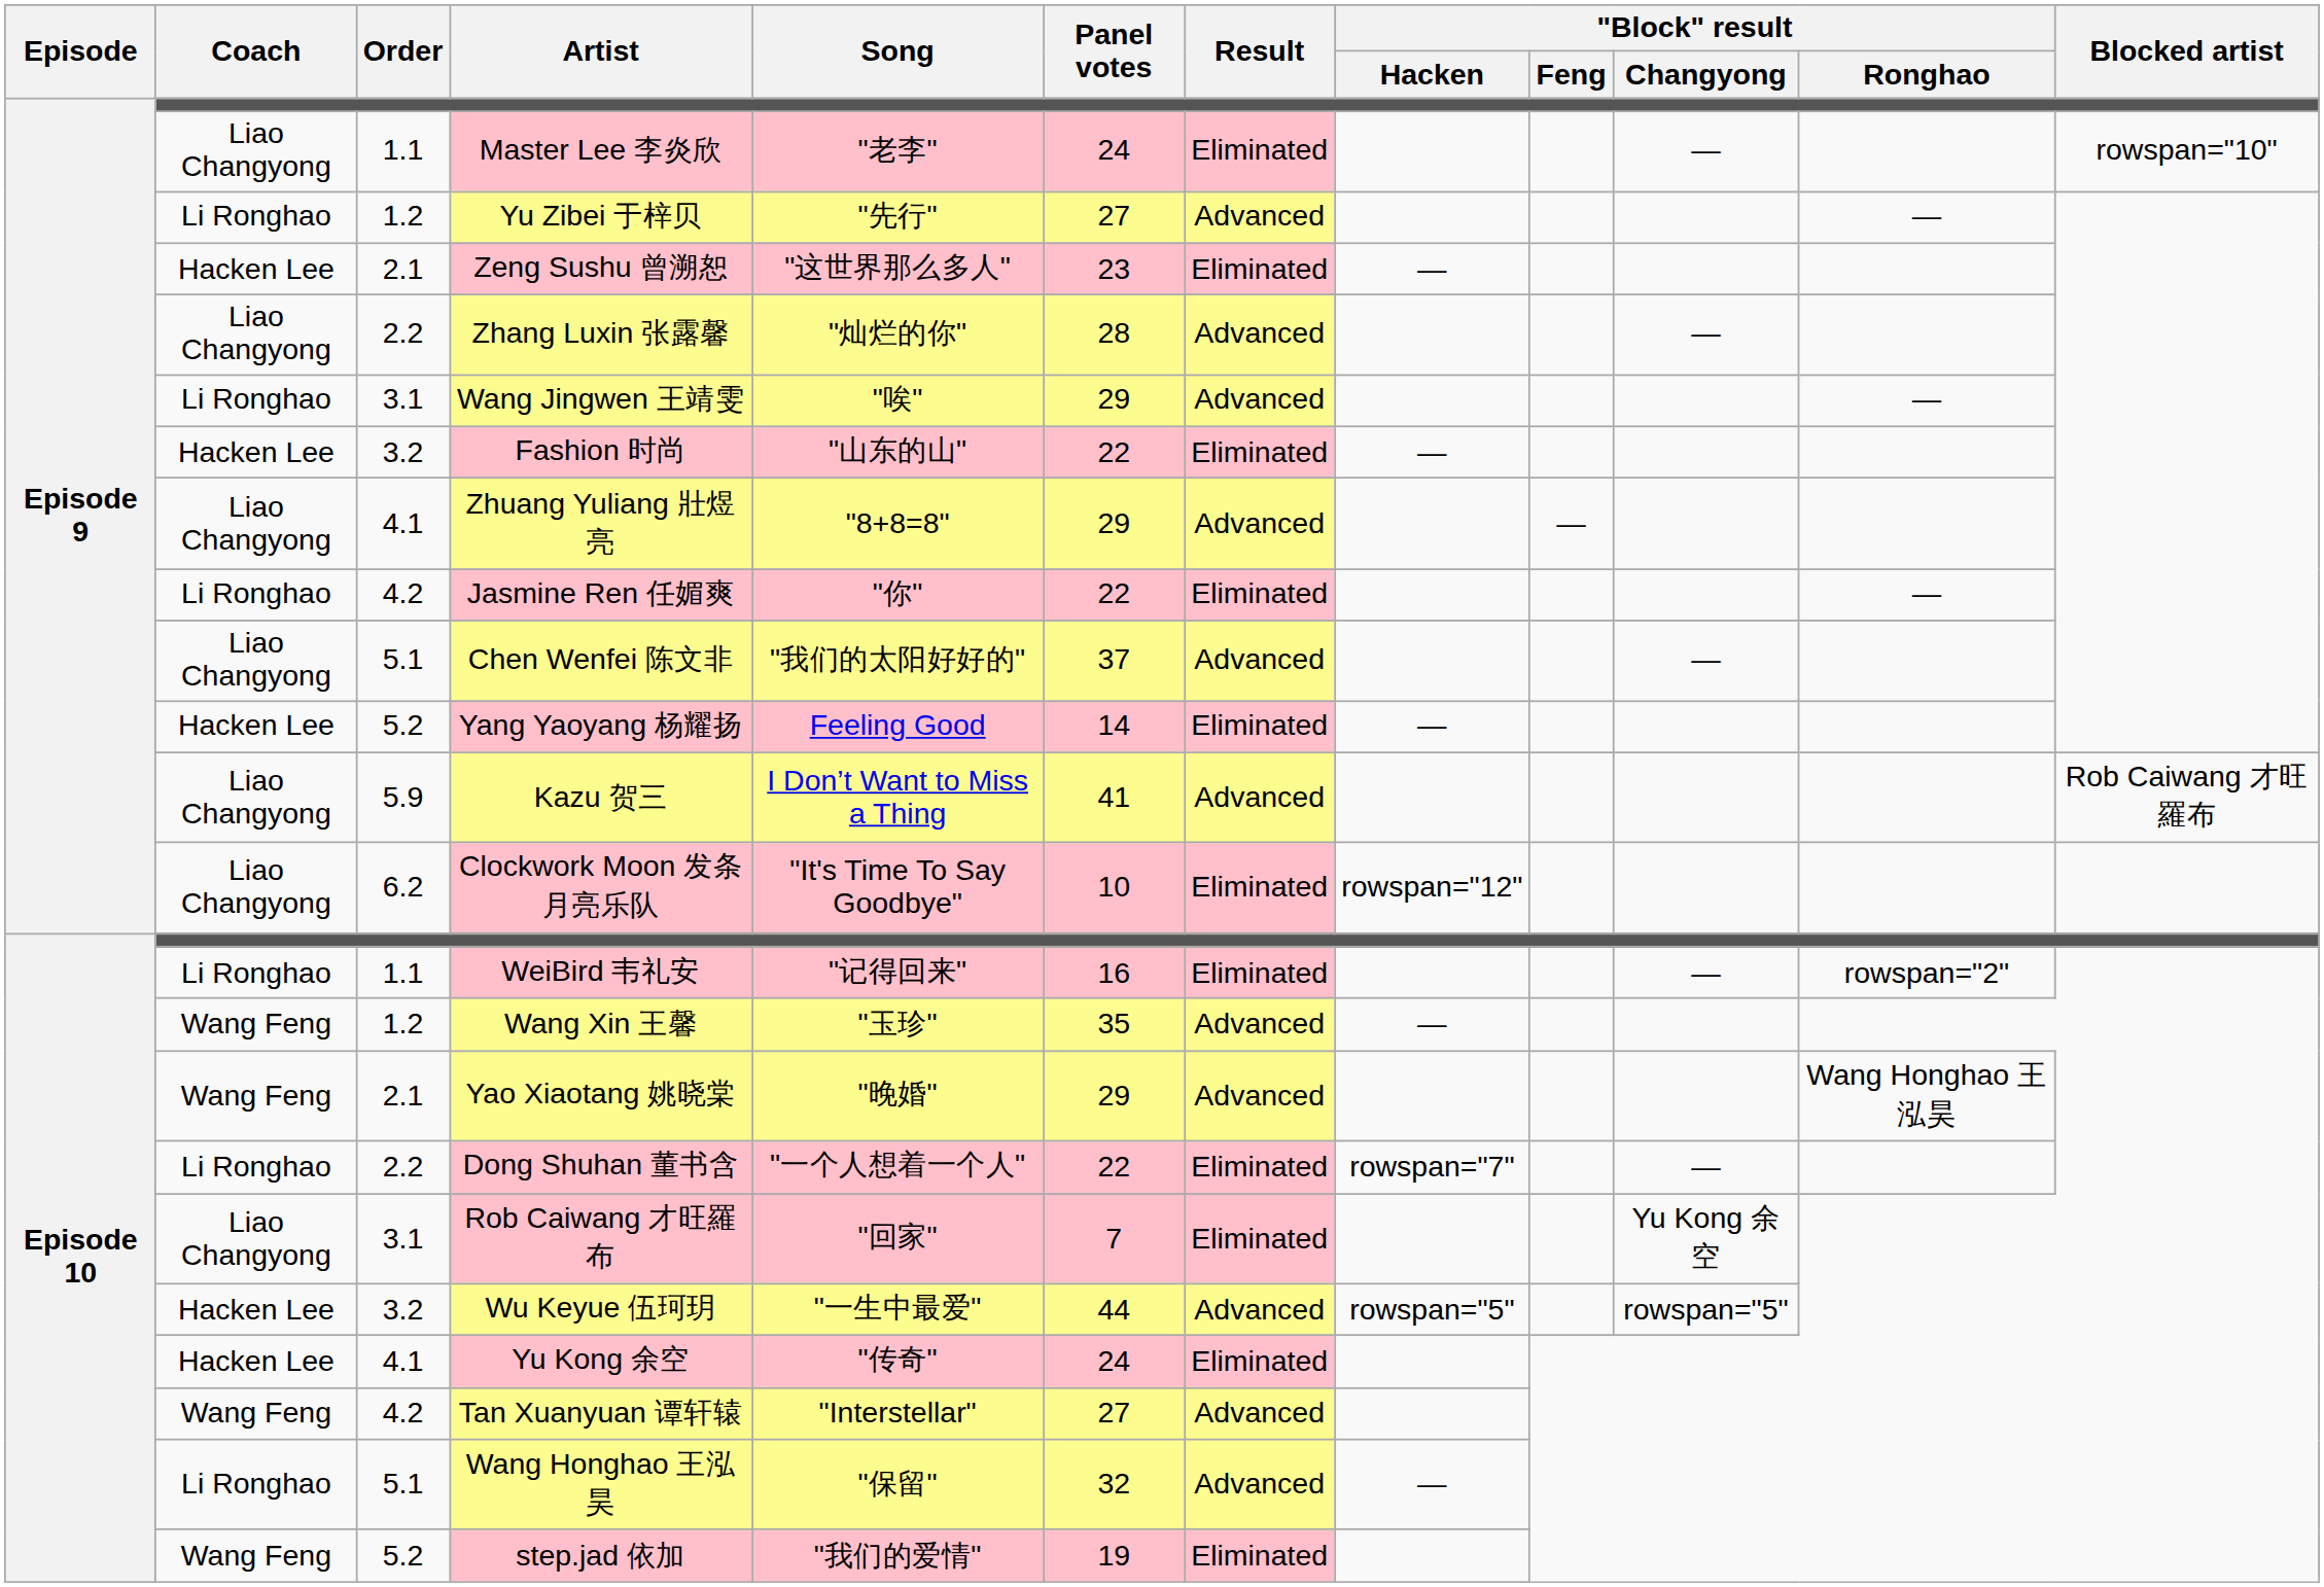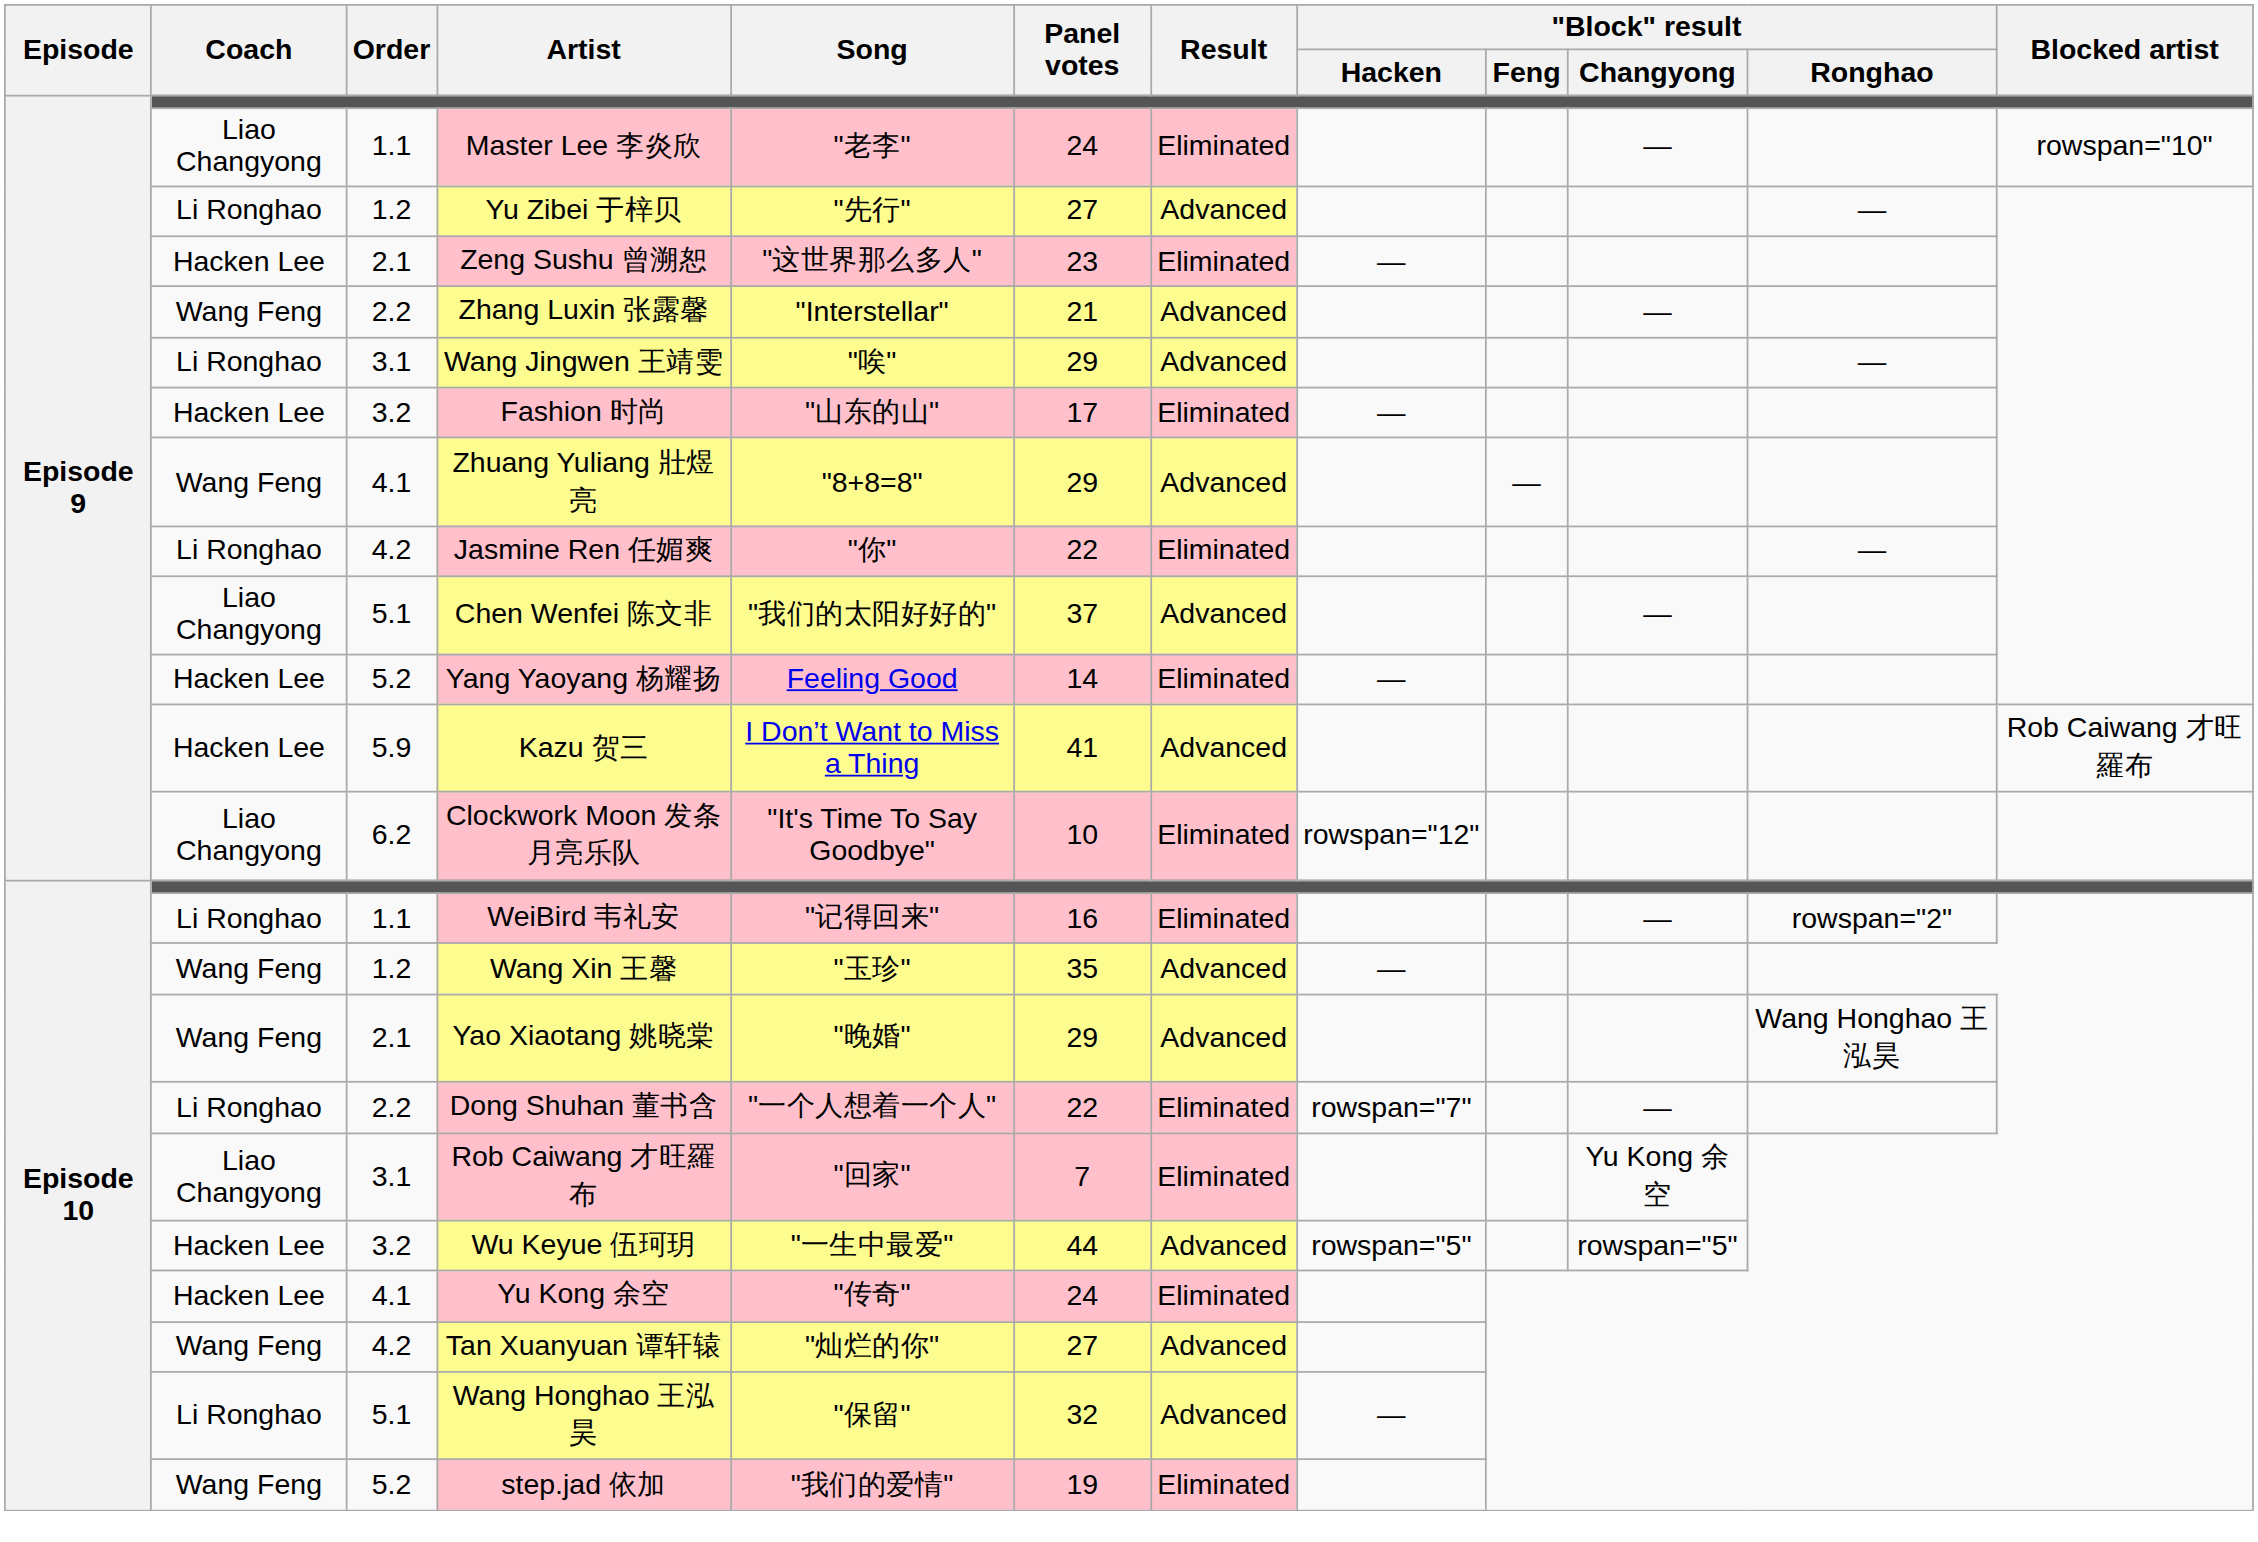 <table class="wikitable" style="text-align:center; width:100%;">
 <tr>
 <th rowspan="2">Episode</th>
 <th rowspan="2">Coach</th>
 <th rowspan="2">Order</th>
 <th rowspan="2">Artist</th>
 <th rowspan="2">Song</th>
 <th rowspan="2">Panel votes</th>
 <th rowspan="2">Result</th>
 <th colspan="4">"Block" result</th>
 <th rowspan="2">Blocked artist</th>
 </tr>
 <tr>
 <th>Hacken</th>
 <th>Feng</th>
 <th>Changyong</th>
 <th>Ronghao</th>
 </tr>
 <tr>
 <th rowspan="13" scope="row">Episode 9<br><small></small></th>
 <td colspan="11" style="background:#555;"></td>
 </tr>
 <tr>
 <td>Liao Changyong</td>
 <td>1.1</td>
 <td style="background:pink;">Master Lee 李炎欣</td>
 <td style="background:pink;">"老李"</td>
 <td style="background:pink;">24</td>
 <td style="background:pink;">Eliminated</td>
 <td></td>
 <td></td>
 <td>—</td>
 <td></td>
 <td>rowspan="10" </td>
 </tr>
 <tr>
 <td>Li Ronghao</td>
 <td>1.2</td>
 <td style="background:#fdfc8f;">Yu Zibei 于梓贝</td>
 <td style="background:#fdfc8f;">"先行"</td>
 <td style="background:#fdfc8f;">27</td>
 <td style="background:#fdfc8f;">Advanced</td>
 <td></td>
 <td></td>
 <td></td>
 <td>—</td>
 </tr>
 <tr>
 <td>Hacken Lee</td>
 <td>2.1</td>
 <td style="background:pink;">Zeng Sushu 曾溯恕</td>
 <td style="background:pink;">"这世界那么多人"</td>
 <td style="background:pink;">23</td>
 <td style="background:pink;">Eliminated</td>
 <td>—</td>
 <td></td>
 <td></td>
 <td></td>
 </tr>
 <tr>
-<td>Liao Changyong</td>
+<td>Wang Feng</td>
 <td>2.2</td>
 <td style="background:#fdfc8f;">Zhang Luxin 张露馨</td>
-<td style="background:#fdfc8f;">"灿烂的你"</td>
-<td style="background:#fdfc8f;">28</td>
+<td style="background:#fdfc8f;">"Interstellar"</td>
+<td style="background:#fdfc8f;">21</td>
 <td style="background:#fdfc8f;">Advanced</td>
 <td></td>
 <td></td>
 <td>—</td>
 <td></td>
 </tr>
 <tr>
 <td>Li Ronghao</td>
 <td>3.1</td>
 <td style="background:#fdfc8f;">Wang Jingwen 王靖雯</td>
 <td style="background:#fdfc8f;">"唉"</td>
 <td style="background:#fdfc8f;">29</td>
 <td style="background:#fdfc8f;">Advanced</td>
 <td></td>
 <td></td>
 <td></td>
 <td>—</td>
 </tr>
 <tr>
 <td>Hacken Lee</td>
 <td>3.2</td>
 <td style="background:pink;">Fashion 时尚</td>
 <td style="background:pink;">"山东的山"</td>
-<td style="background:pink;">22</td>
+<td style="background:pink;">17</td>
 <td style="background:pink;">Eliminated</td>
 <td>—</td>
 <td></td>
 <td></td>
 <td></td>
 </tr>
 <tr>
-<td>Liao Changyong</td>
+<td>Wang Feng</td>
 <td>4.1</td>
 <td style="background:#fdfc8f;">Zhuang Yuliang 壯煜亮</td>
 <td style="background:#fdfc8f;">"8+8=8"</td>
 <td style="background:#fdfc8f;">29</td>
 <td style="background:#fdfc8f;">Advanced</td>
 <td></td>
 <td>—</td>
 <td></td>
 <td></td>
 </tr>
 <tr>
 <td>Li Ronghao</td>
 <td>4.2</td>
 <td style="background:pink;">Jasmine Ren 任媚爽</td>
 <td style="background:pink;">"你"</td>
 <td style="background:pink;">22</td>
 <td style="background:pink;">Eliminated</td>
 <td></td>
 <td></td>
 <td></td>
 <td>—</td>
 </tr>
 <tr>
 <td>Liao Changyong</td>
 <td>5.1</td>
 <td style="background:#fdfc8f;">Chen Wenfei 陈文非</td>
 <td style="background:#fdfc8f;">"我们的太阳好好的"</td>
 <td style="background:#fdfc8f;">37</td>
 <td style="background:#fdfc8f;">Advanced</td>
 <td></td>
 <td></td>
 <td>—</td>
 <td></td>
 </tr>
 <tr>
 <td>Hacken Lee</td>
 <td>5.2</td>
 <td style="background:pink;">Yang Yaoyang 杨耀扬</td>
 <td style="background:pink;"><a href='#'>Feeling Good</a></td>
 <td style="background:pink;">14</td>
 <td style="background:pink;">Eliminated</td>
 <td>—</td>
 <td></td>
 <td></td>
 <td></td>
 </tr>
 <tr>
-<td>Liao Changyong</td>
+<td>Hacken Lee</td>
 <td>5.9</td>
 <td style="background:#fdfc8f;">Kazu 贺三</td>
 <td style="background:#fdfc8f;"><a href='#'>I Don’t Want to Miss a Thing</a></td>
 <td style="background:#fdfc8f;">41</td>
 <td style="background:#fdfc8f;">Advanced</td>
 <td><strong></strong></td>
 <td></td>
 <td></td>
 <td></td>
 <td>Rob Caiwang 才旺羅布</td>
 </tr>
 <tr>
 <td>Liao Changyong</td>
 <td>6.2</td>
 <td style="background:pink;">Clockwork Moon 发条月亮乐队</td>
 <td style="background:pink;">"It's Time To Say Goodbye"</td>
 <td style="background:pink;">10</td>
 <td style="background:pink;">Eliminated</td>
 <td>rowspan="12" </td>
 <td></td>
 <td></td>
 <td></td>
 <td></td>
 </tr>
 <tr>
 <th rowspan="11" scope="row">Episode 10<br><small></small></th>
 <td colspan="11" style="background:#555;"></td>
 </tr>
 <tr>
 <td>Li Ronghao</td>
 <td>1.1</td>
 <td style="background:pink;">WeiBird 韦礼安</td>
 <td style="background:pink;">"记得回来"</td>
 <td style="background:pink;">16</td>
 <td style="background:pink;">Eliminated</td>
 <td></td>
 <td></td>
 <td>—</td>
 <td>rowspan="2" </td>
 </tr>
 <tr>
 <td>Wang Feng</td>
 <td>1.2</td>
 <td style="background:#fdfc8f;">Wang Xin 王馨</td>
 <td style="background:#fdfc8f;">"玉珍"</td>
 <td style="background:#fdfc8f;">35</td>
 <td style="background:#fdfc8f;">Advanced</td>
 <td>—</td>
 <td></td>
 <td></td>
 </tr>
 <tr>
 <td>Wang Feng</td>
 <td>2.1</td>
 <td style="background:#fdfc8f;">Yao Xiaotang 姚晓棠</td>
 <td style="background:#fdfc8f;">"晚婚"</td>
 <td style="background:#fdfc8f;">29</td>
 <td style="background:#fdfc8f;">Advanced</td>
 <td><strong></strong></td>
 <td></td>
 <td></td>
 <td>Wang Honghao 王泓昊</td>
 </tr>
 <tr>
 <td>Li Ronghao</td>
 <td>2.2</td>
 <td style="background:pink;">Dong Shuhan 董书含</td>
 <td style="background:pink;">"一个人想着一个人"</td>
 <td style="background:pink;">22</td>
 <td style="background:pink;">Eliminated</td>
 <td>rowspan="7" </td>
 <td></td>
 <td>—</td>
 <td></td>
 </tr>
 <tr>
 <td>Liao Changyong</td>
 <td>3.1</td>
 <td style="background:pink;">Rob Caiwang 才旺羅布</td>
 <td style="background:pink;">"回家"</td>
 <td style="background:pink;">7</td>
 <td style="background:pink;">Eliminated</td>
 <td><strong></strong></td>
 <td></td>
 <td>Yu Kong 余空</td>
 </tr>
 <tr>
 <td>Hacken Lee</td>
 <td>3.2</td>
 <td style="background:#fdfc8f;">Wu Keyue 伍珂玥</td>
 <td style="background:#fdfc8f;">"一生中最爱"</td>
 <td style="background:#fdfc8f;">44</td>
 <td style="background:#fdfc8f;">Advanced</td>
 <td>rowspan="5" </td>
 <td></td>
 <td>rowspan="5" </td>
 </tr>
 <tr>
 <td>Hacken Lee</td>
 <td>4.1</td>
 <td style="background:pink;">Yu Kong 余空</td>
 <td style="background:pink;">"传奇"</td>
 <td style="background:pink;">24</td>
 <td style="background:pink;">Eliminated</td>
 <td></td>
 </tr>
 <tr>
 <td>Wang Feng</td>
 <td>4.2</td>
 <td style="background:#fdfc8f;">Tan Xuanyuan 谭轩辕</td>
-<td style="background:#fdfc8f;">"Interstellar"</td>
+<td style="background:#fdfc8f;">"灿烂的你"</td>
 <td style="background:#fdfc8f;">27</td>
 <td style="background:#fdfc8f;">Advanced</td>
 <td></td>
 </tr>
 <tr>
 <td>Li Ronghao</td>
 <td>5.1</td>
 <td style="background:#fdfc8f;">Wang Honghao 王泓昊</td>
 <td style="background:#fdfc8f;">"保留"</td>
 <td style="background:#fdfc8f;">32</td>
 <td style="background:#fdfc8f;">Advanced</td>
 <td>—</td>
 </tr>
 <tr>
 <td>Wang Feng</td>
 <td>5.2</td>
 <td style="background:pink;">step.jad 依加</td>
 <td style="background:pink;">"我们的爱情"</td>
 <td style="background:pink;">19</td>
 <td style="background:pink;">Eliminated</td>
 <td></td>
 </tr>
 <tr>
 </tr>
 </table>
